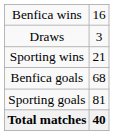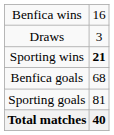 <table class="wikitable" style="text-align:center">
 <tr>
 <td>Benfica wins</td>
 <td>16</td>
 </tr>
 <tr>
 <td>Draws</td>
 <td>3</td>
 </tr>
 <tr>
 <td>Sporting wins</td>
-<td>21</td>
+<td><strong>21</strong></td>
 </tr>
 <tr>
 <td>Benfica goals</td>
 <td>68</td>
 </tr>
 <tr>
 <td>Sporting goals</td>
 <td>81</td>
 </tr>
 <tr>
 <th>Total matches</th>
 <th>40</th>
 </tr>
 </table>
